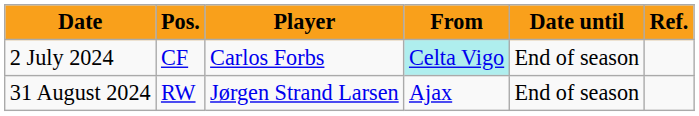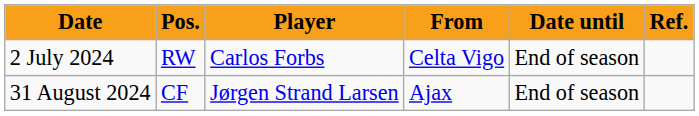 <table class="wikitable plainrowheaders sortable">
 <tr>
 <th style="background:#F9A01B; color:#000000; ">Date</th>
 <th style="background:#F9A01B; color:#000000; ">Pos.</th>
 <th style="background:#F9A01B; color:#000000; ">Player</th>
 <th style="background:#F9A01B; color:#000000; ">From</th>
 <th style="background:#F9A01B; color:#000000; ">Date until</th>
 <th style="background:#F9A01B; color:#000000; ">Ref.</th>
 </tr>
 <tr>
 <td>2 July 2024</td>
-<td><a href='#'>CF</a></td>
+<td><a href='#'>RW</a></td>
 <td> <a href='#'>Carlos Forbs</a></td>
-<td style="background: paleturquoise;"> <a href='#'>Celta Vigo</a></td>
+<td> <a href='#'>Celta Vigo</a></td>
 <td>End of season</td>
 <td></td>
 </tr>
 <tr>
 <td>31 August 2024</td>
-<td><a href='#'>RW</a></td>
+<td><a href='#'>CF</a></td>
 <td> <a href='#'>Jørgen Strand Larsen</a></td>
 <td> <a href='#'>Ajax</a></td>
 <td>End of season</td>
 <td></td>
 </tr>
 </table>
